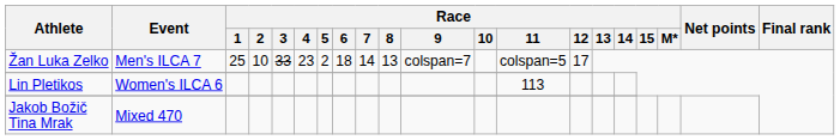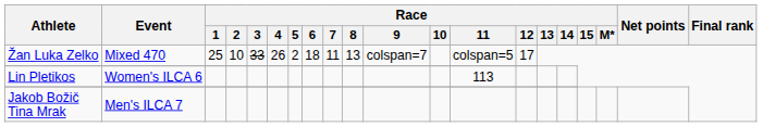 <table class="wikitable" style="font-size:90%">
 <tr>
 <th rowspan="2">Athlete</th>
 <th rowspan="2">Event</th>
 <th colspan=16>Race</th>
 <th rowspan=2>Net points</th>
 <th rowspan=2>Final rank</th>
 </tr>
 <tr style="font-size:95%">
 <th>1</th>
 <th>2</th>
 <th>3</th>
 <th>4</th>
 <th>5</th>
 <th>6</th>
 <th>7</th>
 <th>8</th>
 <th>9</th>
 <th>10</th>
 <th>11</th>
 <th>12</th>
 <th>13</th>
 <th>14</th>
 <th>15</th>
 <th>M*</th>
 </tr>
 <tr align=center>
 <td align=left><a href='#'>Žan Luka Zelko</a></td>
-<td align=left><a href='#'>Men's ILCA 7</a></td>
+<td align=left><a href='#'>Mixed 470</a></td>
 <td>25</td>
 <td>10</td>
 <td><s>33</s></td>
-<td>23</td>
+<td>26</td>
 <td>2</td>
 <td>18</td>
-<td>14</td>
+<td>11</td>
 <td>13</td>
 <td>colspan=7 </td>
 <td></td>
 <td>colspan=5 </td>
 <td>17</td>
 </tr>
 <tr align=center>
 </tr>
 <tr align=center>
 <td align=left><a href='#'>Lin Pletikos</a></td>
 <td align=left><a href='#'>Women's ILCA 6</a></td>
 <td></td>
 <td></td>
 <td></td>
 <td></td>
 <td></td>
 <td></td>
 <td></td>
 <td></td>
 <td></td>
 <td></td>
 <td>113</td>
 <td></td>
 <td></td>
 <td></td>
 </tr>
 <tr align=center>
 </tr>
 <tr align=center>
 <td align=left><a href='#'>Jakob Božič</a><br><a href='#'>Tina Mrak</a></td>
-<td align=left><a href='#'>Mixed 470</a></td>
+<td align=left><a href='#'>Men's ILCA 7</a></td>
 <td></td>
 <td></td>
 <td></td>
 <td></td>
 <td></td>
 <td></td>
 <td></td>
 <td></td>
 <td></td>
 <td></td>
 <td></td>
 <td></td>
 <td></td>
 <td></td>
 <td></td>
 <td></td>
 <td></td>
 </tr>
 </table>
